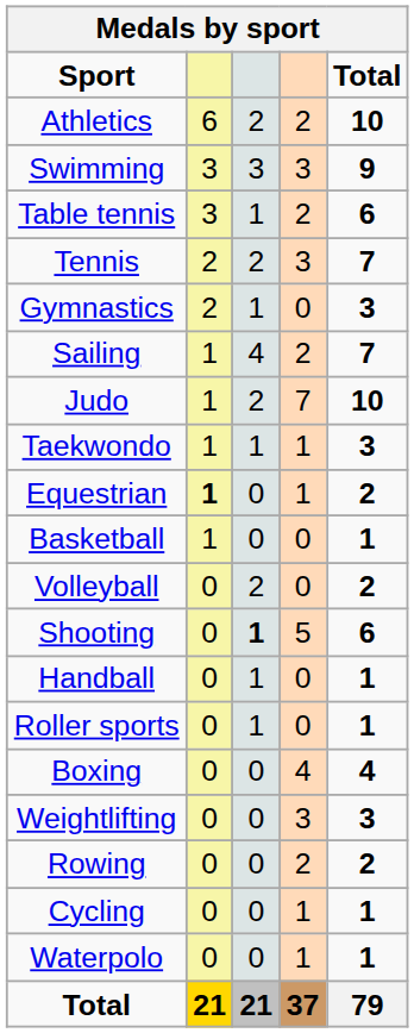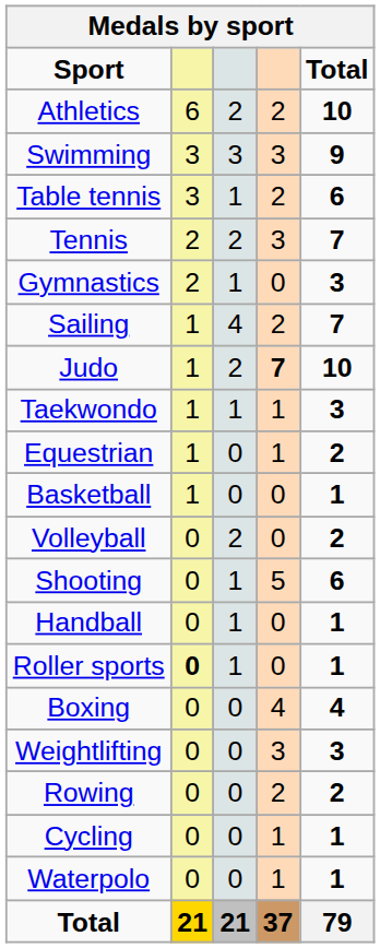 <table class="wikitable" style="font-size:85%; float:right;">
 <tr style="background:#efefef;">
 <th colspan=7><strong>Medals by sport</strong></th>
 </tr>
 <tr align=center>
 <td><strong>Sport</strong></td>
 <td bgcolor=#f7f6a8></td>
 <td bgcolor=#dce5e5></td>
 <td bgcolor=#ffdab9></td>
 <td><strong>Total</strong></td>
 </tr>
 <tr align=center>
 <td><a href='#'>Athletics</a></td>
 <td style="background:#F7F6A8;">6</td>
 <td style="background:#DCE5E5;">2</td>
 <td style="background:#FFDAB9;">2</td>
 <td><strong>10</strong></td>
 </tr>
 <tr align=center>
 <td><a href='#'>Swimming</a></td>
 <td style="background:#F7F6A8;">3</td>
 <td style="background:#DCE5E5;">3</td>
 <td style="background:#FFDAB9;">3</td>
 <td><strong>9</strong></td>
 </tr>
 <tr align=center>
 <td><a href='#'>Table tennis</a></td>
 <td style="background:#F7F6A8;">3</td>
 <td style="background:#DCE5E5;">1</td>
 <td style="background:#FFDAB9;">2</td>
 <td><strong>6</strong></td>
 </tr>
 <tr align=center>
 <td><a href='#'>Tennis</a></td>
 <td style="background:#F7F6A8;">2</td>
 <td style="background:#DCE5E5;">2</td>
 <td style="background:#FFDAB9;">3</td>
 <td><strong>7</strong></td>
 </tr>
 <tr align=center>
 <td><a href='#'>Gymnastics</a></td>
 <td style="background:#F7F6A8;">2</td>
 <td style="background:#DCE5E5;">1</td>
 <td style="background:#FFDAB9;">0</td>
 <td><strong>3</strong></td>
 </tr>
 <tr align=center>
 <td><a href='#'>Sailing</a></td>
 <td style="background:#F7F6A8;">1</td>
 <td style="background:#DCE5E5;">4</td>
 <td style="background:#FFDAB9;">2</td>
 <td><strong>7</strong></td>
 </tr>
 <tr align=center>
 <td><a href='#'>Judo</a></td>
 <td style="background:#F7F6A8;">1</td>
 <td style="background:#DCE5E5;">2</td>
-<td style="background:#FFDAB9;">7</td>
+<td style="background:#FFDAB9;"><strong>7</strong></td>
 <td><strong>10</strong></td>
 </tr>
 <tr align=center>
 <td><a href='#'>Taekwondo</a></td>
 <td style="background:#F7F6A8;">1</td>
 <td style="background:#DCE5E5;">1</td>
 <td style="background:#FFDAB9;">1</td>
 <td><strong>3</strong></td>
 </tr>
 <tr align=center>
 <td><a href='#'>Equestrian</a></td>
-<td style="background:#F7F6A8;"><strong>1</strong></td>
+<td style="background:#F7F6A8;">1</td>
 <td style="background:#DCE5E5;">0</td>
 <td style="background:#FFDAB9;">1</td>
 <td><strong>2</strong></td>
 </tr>
 <tr align=center>
 <td><a href='#'>Basketball</a></td>
 <td style="background:#F7F6A8;">1</td>
 <td style="background:#DCE5E5;">0</td>
 <td style="background:#FFDAB9;">0</td>
 <td><strong>1</strong></td>
 </tr>
 <tr align=center>
 <td><a href='#'>Volleyball</a></td>
 <td style="background:#F7F6A8;">0</td>
 <td style="background:#DCE5E5;">2</td>
 <td style="background:#FFDAB9;">0</td>
 <td><strong>2</strong></td>
 </tr>
 <tr align=center>
 <td><a href='#'>Shooting</a></td>
 <td style="background:#F7F6A8;">0</td>
-<td style="background:#DCE5E5;"><strong>1</strong></td>
+<td style="background:#DCE5E5;">1</td>
 <td style="background:#FFDAB9;">5</td>
 <td><strong>6</strong></td>
 </tr>
 <tr align=center>
 <td><a href='#'>Handball</a></td>
 <td style="background:#F7F6A8;">0</td>
 <td style="background:#DCE5E5;">1</td>
 <td style="background:#FFDAB9;">0</td>
 <td><strong>1</strong></td>
 </tr>
 <tr align=center>
 <td><a href='#'>Roller sports</a></td>
-<td style="background:#F7F6A8;">0</td>
+<td style="background:#F7F6A8;"><strong>0</strong></td>
 <td style="background:#DCE5E5;">1</td>
 <td style="background:#FFDAB9;">0</td>
 <td><strong>1</strong></td>
 </tr>
 <tr align=center>
 <td><a href='#'>Boxing</a></td>
 <td style="background:#F7F6A8;">0</td>
 <td style="background:#DCE5E5;">0</td>
 <td style="background:#FFDAB9;">4</td>
 <td><strong>4</strong></td>
 </tr>
 <tr align=center>
 <td><a href='#'>Weightlifting</a></td>
 <td style="background:#F7F6A8;">0</td>
 <td style="background:#DCE5E5;">0</td>
 <td style="background:#FFDAB9;">3</td>
 <td><strong>3</strong></td>
 </tr>
 <tr align=center>
 <td><a href='#'>Rowing</a></td>
 <td style="background:#F7F6A8;">0</td>
 <td style="background:#DCE5E5;">0</td>
 <td style="background:#FFDAB9;">2</td>
 <td><strong>2</strong></td>
 </tr>
 <tr align=center>
 <td><a href='#'>Cycling</a></td>
 <td style="background:#F7F6A8;">0</td>
 <td style="background:#DCE5E5;">0</td>
 <td style="background:#FFDAB9;">1</td>
 <td><strong>1</strong></td>
 </tr>
 <tr align=center>
 <td><a href='#'>Waterpolo</a></td>
 <td style="background:#F7F6A8;">0</td>
 <td style="background:#DCE5E5;">0</td>
 <td style="background:#FFDAB9;">1</td>
 <td><strong>1</strong></td>
 </tr>
 <tr align=center>
 <td><strong>Total</strong></td>
 <th style="background:gold;"><strong>21</strong></th>
 <th style="background:silver;"><strong>21</strong></th>
 <th style="background:#c96;"><strong>37</strong></th>
 <th><strong>79</strong></th>
 </tr>
 </table>
